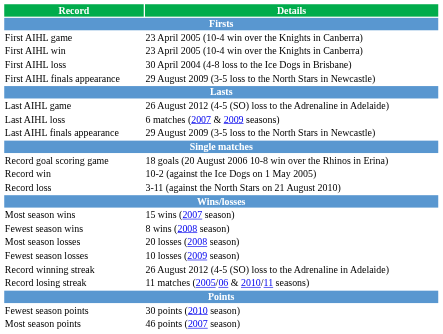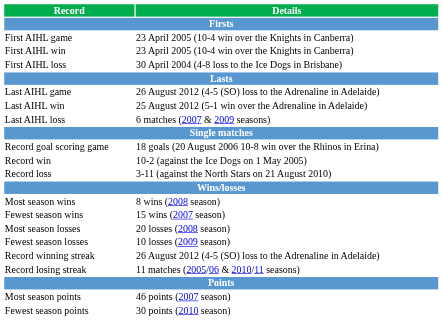 <table class="toccolours" style="width:44em">
 <tr>
 <th style="background:#01ac4c;color:white;">Record</th>
 <th style="background:#01ac4c;color:white;">Details</th>
 </tr>
 <tr>
 <th style="background:#5997d0;color:white;align:center"colspan="2">Firsts</th>
 </tr>
 <tr>
 <td>First AIHL game</td>
 <td>23 April 2005 (10-4 win over the Knights in Canberra)</td>
 </tr>
 <tr>
 <td>First AIHL win</td>
 <td>23 April 2005 (10-4 win over the Knights in Canberra)</td>
 </tr>
 <tr>
 <td>First AIHL loss</td>
 <td>30 April 2004 (4-8 loss to the Ice Dogs in Brisbane)</td>
 </tr>
 <tr>
-<td>First AIHL finals appearance</td>
-<td>29 August 2009 (3-5 loss to the North Stars in Newcastle)</td>
-</tr>
-<tr>
 <th style="background:#5997d0;color:white;align:center"colspan="2">Lasts</th>
 </tr>
 <tr>
 <td>Last AIHL game</td>
 <td>26 August 2012 (4-5 (SO) loss to the Adrenaline in Adelaide)</td>
 </tr>
 <tr>
+<td>Last AIHL win</td>
+<td>25 August 2012 (5-1 win over the Adrenaline in Adelaide)</td>
+</tr>
+<tr>
 <td>Last AIHL loss</td>
 <td>6 matches (<a href='#'>2007</a> & <a href='#'>2009</a> seasons)</td>
-</tr>
-<tr>
-<td>Last AIHL finals appearance</td>
-<td>29 August 2009 (3-5 loss to the North Stars in Newcastle)</td>
 </tr>
 <tr>
 <th style="background:#5997d0;color:white;align:center"colspan="2">Single matches</th>
 </tr>
 <tr>
 <td>Record goal scoring game</td>
 <td>18 goals (20 August 2006 10-8 win over the Rhinos in Erina)</td>
 </tr>
 <tr>
 <td>Record win</td>
 <td>10-2 (against the Ice Dogs on 1 May 2005)</td>
 </tr>
 <tr>
 <td>Record loss</td>
 <td>3-11 (against the North Stars on 21 August 2010)</td>
 </tr>
 <tr>
 <th style="background:#5997d0;color:white;align:center"colspan="2">Wins/losses</th>
 </tr>
 <tr>
 <td>Most season wins</td>
-<td>15 wins (<a href='#'>2007</a> season)</td>
+<td>8 wins (<a href='#'>2008</a> season)</td>
 </tr>
 <tr>
 <td>Fewest season wins</td>
-<td>8 wins (<a href='#'>2008</a> season)</td>
+<td>15 wins (<a href='#'>2007</a> season)</td>
 </tr>
 <tr>
 <td>Most season losses</td>
 <td>20 losses (<a href='#'>2008</a> season)</td>
 </tr>
 <tr>
 <td>Fewest season losses</td>
 <td>10 losses (<a href='#'>2009</a> season)</td>
 </tr>
 <tr>
 <td>Record winning streak</td>
 <td>26 August 2012 (4-5 (SO) loss to the Adrenaline in Adelaide)</td>
 </tr>
 <tr>
 <td>Record losing streak</td>
 <td>11 matches (<a href='#'>2005</a>/<a href='#'>06</a> & <a href='#'>2010</a>/<a href='#'>11</a> seasons)</td>
 </tr>
 <tr>
 <th style="background:#5997d0;color:white;align:center"colspan="2">Points</th>
 </tr>
 <tr>
+<td>Most season points</td>
+<td>46 points (<a href='#'>2007</a> season)</td>
+</tr>
+<tr>
 <td>Fewest season points</td>
 <td>30 points (<a href='#'>2010</a> season)</td>
 </tr>
 <tr>
-<td>Most season points</td>
-<td>46 points (<a href='#'>2007</a> season)</td>
-</tr>
-<tr>
 </tr>
 </table>
